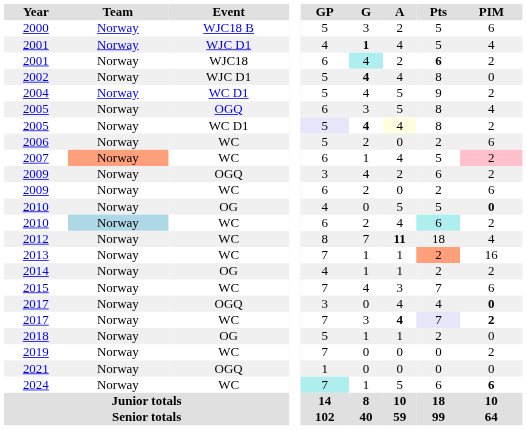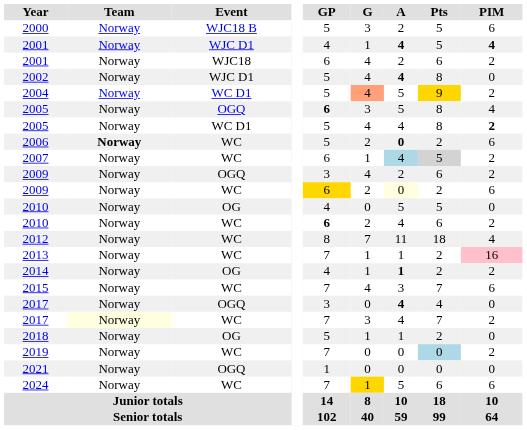 <table border="0" cellpadding="1" cellspacing="0" style="text-align:center; width:40em">
 <tr ALIGN="center" bgcolor="#e0e0e0">
 <th>Year</th>
 <th>Team</th>
 <th>Event</th>
 <th ALIGN="center" rowspan="99" bgcolor="#ffffff"> </th>
 <th>GP</th>
 <th>G</th>
 <th>A</th>
 <th>Pts</th>
 <th>PIM</th>
 </tr>
 <tr>
 <td><a href='#'>2000</a></td>
 <td><a href='#'>Norway</a></td>
 <td><a href='#'>WJC18 B</a></td>
 <td>5</td>
 <td>3</td>
 <td>2</td>
 <td>5</td>
 <td>6</td>
 </tr>
 <tr bgcolor="#f0f0f0">
 <td><a href='#'>2001</a></td>
 <td><a href='#'>Norway</a></td>
 <td><a href='#'>WJC D1</a></td>
 <td>4</td>
-<td><strong>1</strong></td>
-<td>4</td>
+<td>1</td>
+<td><strong>4</strong></td>
 <td>5</td>
-<td>4</td>
+<td><strong>4</strong></td>
 </tr>
 <tr>
 <td><a href='#'>2001</a></td>
 <td>Norway</td>
 <td>WJC18</td>
 <td>6</td>
-<td style="background: paleturquoise;">4</td>
+<td>4</td>
 <td>2</td>
-<td><strong>6</strong></td>
+<td>6</td>
 <td>2</td>
 </tr>
 <tr bgcolor="#f0f0f0">
 <td><a href='#'>2002</a></td>
 <td>Norway</td>
 <td>WJC D1</td>
 <td>5</td>
+<td>4</td>
 <td><strong>4</strong></td>
-<td>4</td>
 <td>8</td>
 <td>0</td>
 </tr>
 <tr>
 <td><a href='#'>2004</a></td>
 <td><a href='#'>Norway</a></td>
 <td><a href='#'>WC D1</a></td>
 <td>5</td>
-<td>4</td>
+<td style="background: lightsalmon;">4</td>
 <td>5</td>
-<td>9</td>
+<td style="background: gold;">9</td>
 <td>2</td>
 </tr>
 <tr bgcolor="#f0f0f0">
 <td><a href='#'>2005</a></td>
 <td>Norway</td>
 <td><a href='#'>OGQ</a></td>
-<td>6</td>
+<td><strong>6</strong></td>
 <td>3</td>
 <td>5</td>
 <td>8</td>
 <td>4</td>
 </tr>
 <tr>
 <td><a href='#'>2005</a></td>
 <td>Norway</td>
 <td>WC D1</td>
-<td style="background: lavender;">5</td>
-<td><strong>4</strong></td>
-<td style="background: lightyellow;">4</td>
+<td>5</td>
+<td>4</td>
+<td>4</td>
 <td>8</td>
-<td>2</td>
+<td><strong>2</strong></td>
 </tr>
 <tr bgcolor="#f0f0f0">
 <td><a href='#'>2006</a></td>
-<td>Norway</td>
+<td><strong>Norway</strong></td>
 <td>WC</td>
 <td>5</td>
 <td>2</td>
-<td>0</td>
+<td><strong>0</strong></td>
 <td>2</td>
 <td>6</td>
 </tr>
 <tr>
 <td><a href='#'>2007</a></td>
-<td style="background: lightsalmon;">Norway</td>
+<td>Norway</td>
 <td>WC</td>
 <td>6</td>
 <td>1</td>
-<td>4</td>
-<td>5</td>
-<td style="background: pink;">2</td>
+<td style="background: lightblue;">4</td>
+<td style="background: lightgrey;">5</td>
+<td>2</td>
 </tr>
 <tr bgcolor="#f0f0f0">
 <td><a href='#'>2009</a></td>
 <td>Norway</td>
 <td>OGQ</td>
 <td>3</td>
 <td>4</td>
 <td>2</td>
 <td>6</td>
 <td>2</td>
 </tr>
 <tr>
 <td><a href='#'>2009</a></td>
 <td>Norway</td>
 <td>WC</td>
-<td>6</td>
+<td style="background: gold;">6</td>
 <td>2</td>
-<td>0</td>
+<td style="background: lightyellow;">0</td>
 <td>2</td>
 <td>6</td>
 </tr>
 <tr bgcolor="#f0f0f0">
 <td><a href='#'>2010</a></td>
 <td>Norway</td>
 <td>OG</td>
 <td>4</td>
 <td>0</td>
 <td>5</td>
 <td>5</td>
-<td><strong>0</strong></td>
+<td>0</td>
 </tr>
 <tr>
 <td><a href='#'>2010</a></td>
-<td style="background: lightblue;">Norway</td>
+<td>Norway</td>
 <td>WC</td>
-<td>6</td>
+<td><strong>6</strong></td>
 <td>2</td>
 <td>4</td>
-<td style="background: paleturquoise;">6</td>
+<td>6</td>
 <td>2</td>
 </tr>
 <tr bgcolor="#f0f0f0">
 <td><a href='#'>2012</a></td>
 <td>Norway</td>
 <td>WC</td>
 <td>8</td>
 <td>7</td>
-<td><strong>11</strong></td>
+<td>11</td>
 <td>18</td>
 <td>4</td>
 </tr>
 <tr>
 <td><a href='#'>2013</a></td>
 <td>Norway</td>
 <td>WC</td>
 <td>7</td>
 <td>1</td>
 <td>1</td>
-<td style="background: lightsalmon;">2</td>
-<td>16</td>
+<td>2</td>
+<td style="background: pink;">16</td>
 </tr>
 <tr bgcolor="#f0f0f0">
 <td><a href='#'>2014</a></td>
 <td>Norway</td>
 <td>OG</td>
 <td>4</td>
 <td>1</td>
-<td>1</td>
+<td><strong>1</strong></td>
 <td>2</td>
 <td>2</td>
 </tr>
 <tr>
 <td><a href='#'>2015</a></td>
 <td>Norway</td>
 <td>WC</td>
 <td>7</td>
 <td>4</td>
 <td>3</td>
 <td>7</td>
 <td>6</td>
 </tr>
 <tr bgcolor="#f0f0f0">
 <td><a href='#'>2017</a></td>
 <td>Norway</td>
 <td>OGQ</td>
 <td>3</td>
 <td>0</td>
+<td><strong>4</strong></td>
 <td>4</td>
-<td>4</td>
-<td><strong>0</strong></td>
+<td>0</td>
 </tr>
 <tr>
 <td><a href='#'>2017</a></td>
-<td>Norway</td>
+<td style="background: lightyellow;">Norway</td>
 <td>WC</td>
 <td>7</td>
 <td>3</td>
-<td><strong>4</strong></td>
-<td style="background: lavender;">7</td>
-<td><strong>2</strong></td>
+<td>4</td>
+<td>7</td>
+<td>2</td>
 </tr>
 <tr bgcolor="#f0f0f0">
 <td><a href='#'>2018</a></td>
 <td>Norway</td>
 <td>OG</td>
 <td>5</td>
 <td>1</td>
 <td>1</td>
 <td>2</td>
 <td>0</td>
 </tr>
 <tr>
 <td><a href='#'>2019</a></td>
 <td>Norway</td>
 <td>WC</td>
 <td>7</td>
 <td>0</td>
 <td>0</td>
-<td>0</td>
+<td style="background: lightblue;">0</td>
 <td>2</td>
 </tr>
 <tr bgcolor="#f0f0f0">
 <td><a href='#'>2021</a></td>
 <td>Norway</td>
 <td>OGQ</td>
 <td>1</td>
 <td>0</td>
 <td>0</td>
 <td>0</td>
 <td>0</td>
 </tr>
 <tr>
 <td><a href='#'>2024</a></td>
 <td>Norway</td>
 <td>WC</td>
-<td style="background: paleturquoise;">7</td>
-<td>1</td>
+<td>7</td>
+<td style="background: gold;">1</td>
 <td>5</td>
 <td>6</td>
-<td><strong>6</strong></td>
+<td>6</td>
 </tr>
 <tr bgcolor="#e0e0e0">
 <th colspan=3>Junior totals</th>
 <th>14</th>
 <th>8</th>
 <th>10</th>
 <th>18</th>
 <th>10</th>
 </tr>
 <tr bgcolor="#e0e0e0">
 <th colspan=3>Senior totals</th>
 <th>102</th>
 <th>40</th>
 <th>59</th>
 <th>99</th>
 <th>64</th>
 </tr>
 </table>
